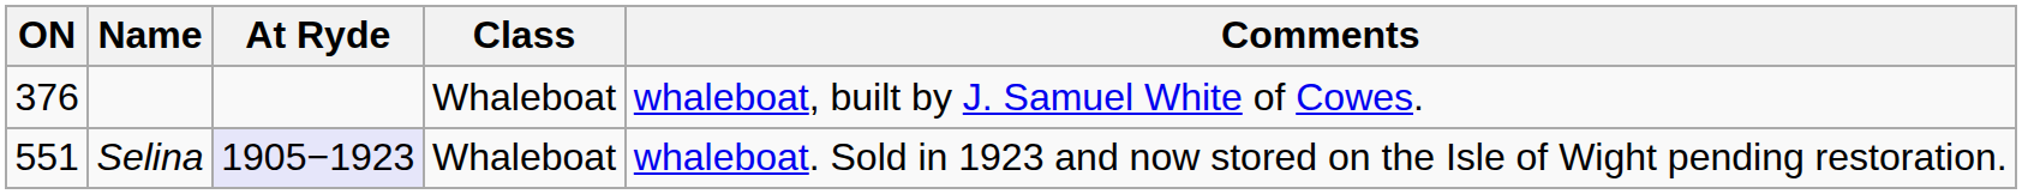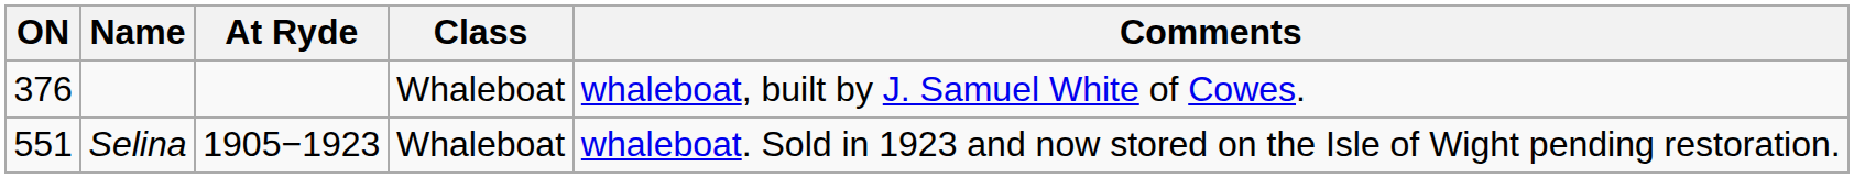 <table class="wikitable">
 <tr>
 <th>ON</th>
 <th>Name</th>
 <th>At Ryde</th>
 <th>Class</th>
 <th>Comments</th>
 </tr>
 <tr>
 <td>376</td>
 <td></td>
 <td></td>
 <td>Whaleboat</td>
 <td> <a href='#'>whaleboat</a>, built by <a href='#'>J. Samuel White</a> of <a href='#'>Cowes</a>.</td>
 </tr>
 <tr>
 <td>551</td>
 <td><em>Selina</em></td>
-<td style="background: lavender;">1905−1923</td>
+<td>1905−1923</td>
 <td>Whaleboat</td>
 <td> <a href='#'>whaleboat</a>. Sold in 1923 and now stored on the Isle of Wight pending restoration.</td>
 </tr>
 <tr>
 </tr>
 </table>
